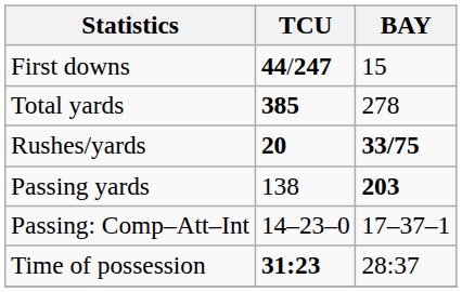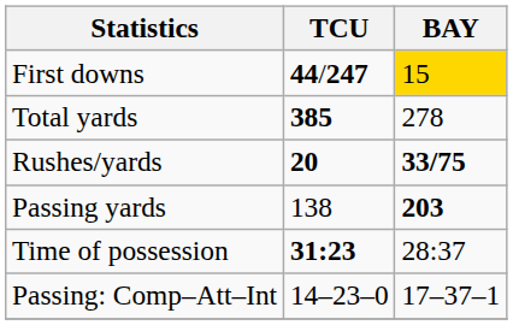 <table class="wikitable" style="float: left;">
 <tr>
 <th>Statistics</th>
 <th>TCU</th>
 <th>BAY</th>
 </tr>
 <tr>
 <td>First downs</td>
 <td><strong>44</strong>/<strong>247</strong></td>
-<td>15</td>
+<td style="background: gold;">15</td>
 </tr>
 <tr>
 <td>Total yards</td>
 <td><strong>385</strong></td>
 <td>278</td>
 </tr>
 <tr>
 <td>Rushes/yards</td>
 <td><strong>20</strong></td>
 <td><strong>33/75</strong></td>
 </tr>
 <tr>
 <td>Passing yards</td>
 <td>138</td>
 <td><strong>203</strong></td>
 </tr>
 <tr>
+<td>Time of possession</td>
+<td><strong>31:23</strong></td>
+<td>28:37</td>
+</tr>
+<tr>
 <td>Passing: Comp–Att–Int</td>
 <td>14–23–0</td>
 <td>17–37–1</td>
 </tr>
 <tr>
-<td>Time of possession</td>
-<td><strong>31:23</strong></td>
-<td>28:37</td>
-</tr>
-<tr>
 </tr>
 </table>
